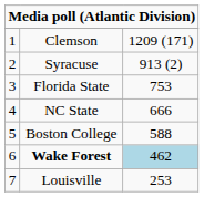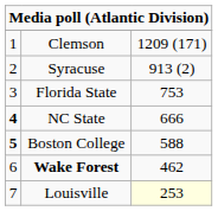 <table class="wikitable" style="display: inline-table;">
 <tr>
 <td align="center" Colspan="3"><strong>Media poll (Atlantic Division)</strong></td>
 </tr>
 <tr align="center">
 </tr>
 <tr align="center">
 <td>1</td>
 <td>Clemson</td>
 <td>1209 (171)</td>
 </tr>
 <tr align="center">
 <td>2</td>
 <td>Syracuse</td>
 <td>913 (2)</td>
 </tr>
 <tr align="center">
 <td>3</td>
 <td>Florida State</td>
 <td>753</td>
 </tr>
 <tr align="center">
-<td>4</td>
+<td><strong>4</strong></td>
 <td>NC State</td>
 <td>666</td>
 </tr>
 <tr align="center">
-<td>5</td>
+<td><strong>5</strong></td>
 <td>Boston College</td>
 <td>588</td>
 </tr>
 <tr align="center">
 <td>6</td>
 <td><strong>Wake Forest</strong></td>
-<td style="background: lightblue;">462</td>
+<td>462</td>
 </tr>
 <tr align="center">
 <td>7</td>
 <td>Louisville</td>
-<td>253</td>
+<td style="background: lightyellow;">253</td>
 </tr>
 </table>
